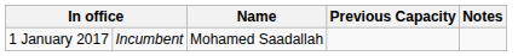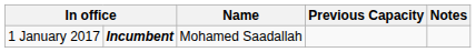 <table class="wikitable">
 <tr>
 <th colspan="2">In office</th>
 <th>Name</th>
 <th>Previous Capacity</th>
 <th>Notes</th>
 </tr>
 <tr>
 <td>1 January 2017</td>
-<td><em>Incumbent</em></td>
+<td><strong><em>Incumbent</em></strong></td>
 <td>Mohamed Saadallah</td>
 <td></td>
 <td></td>
 </tr>
 </table>
